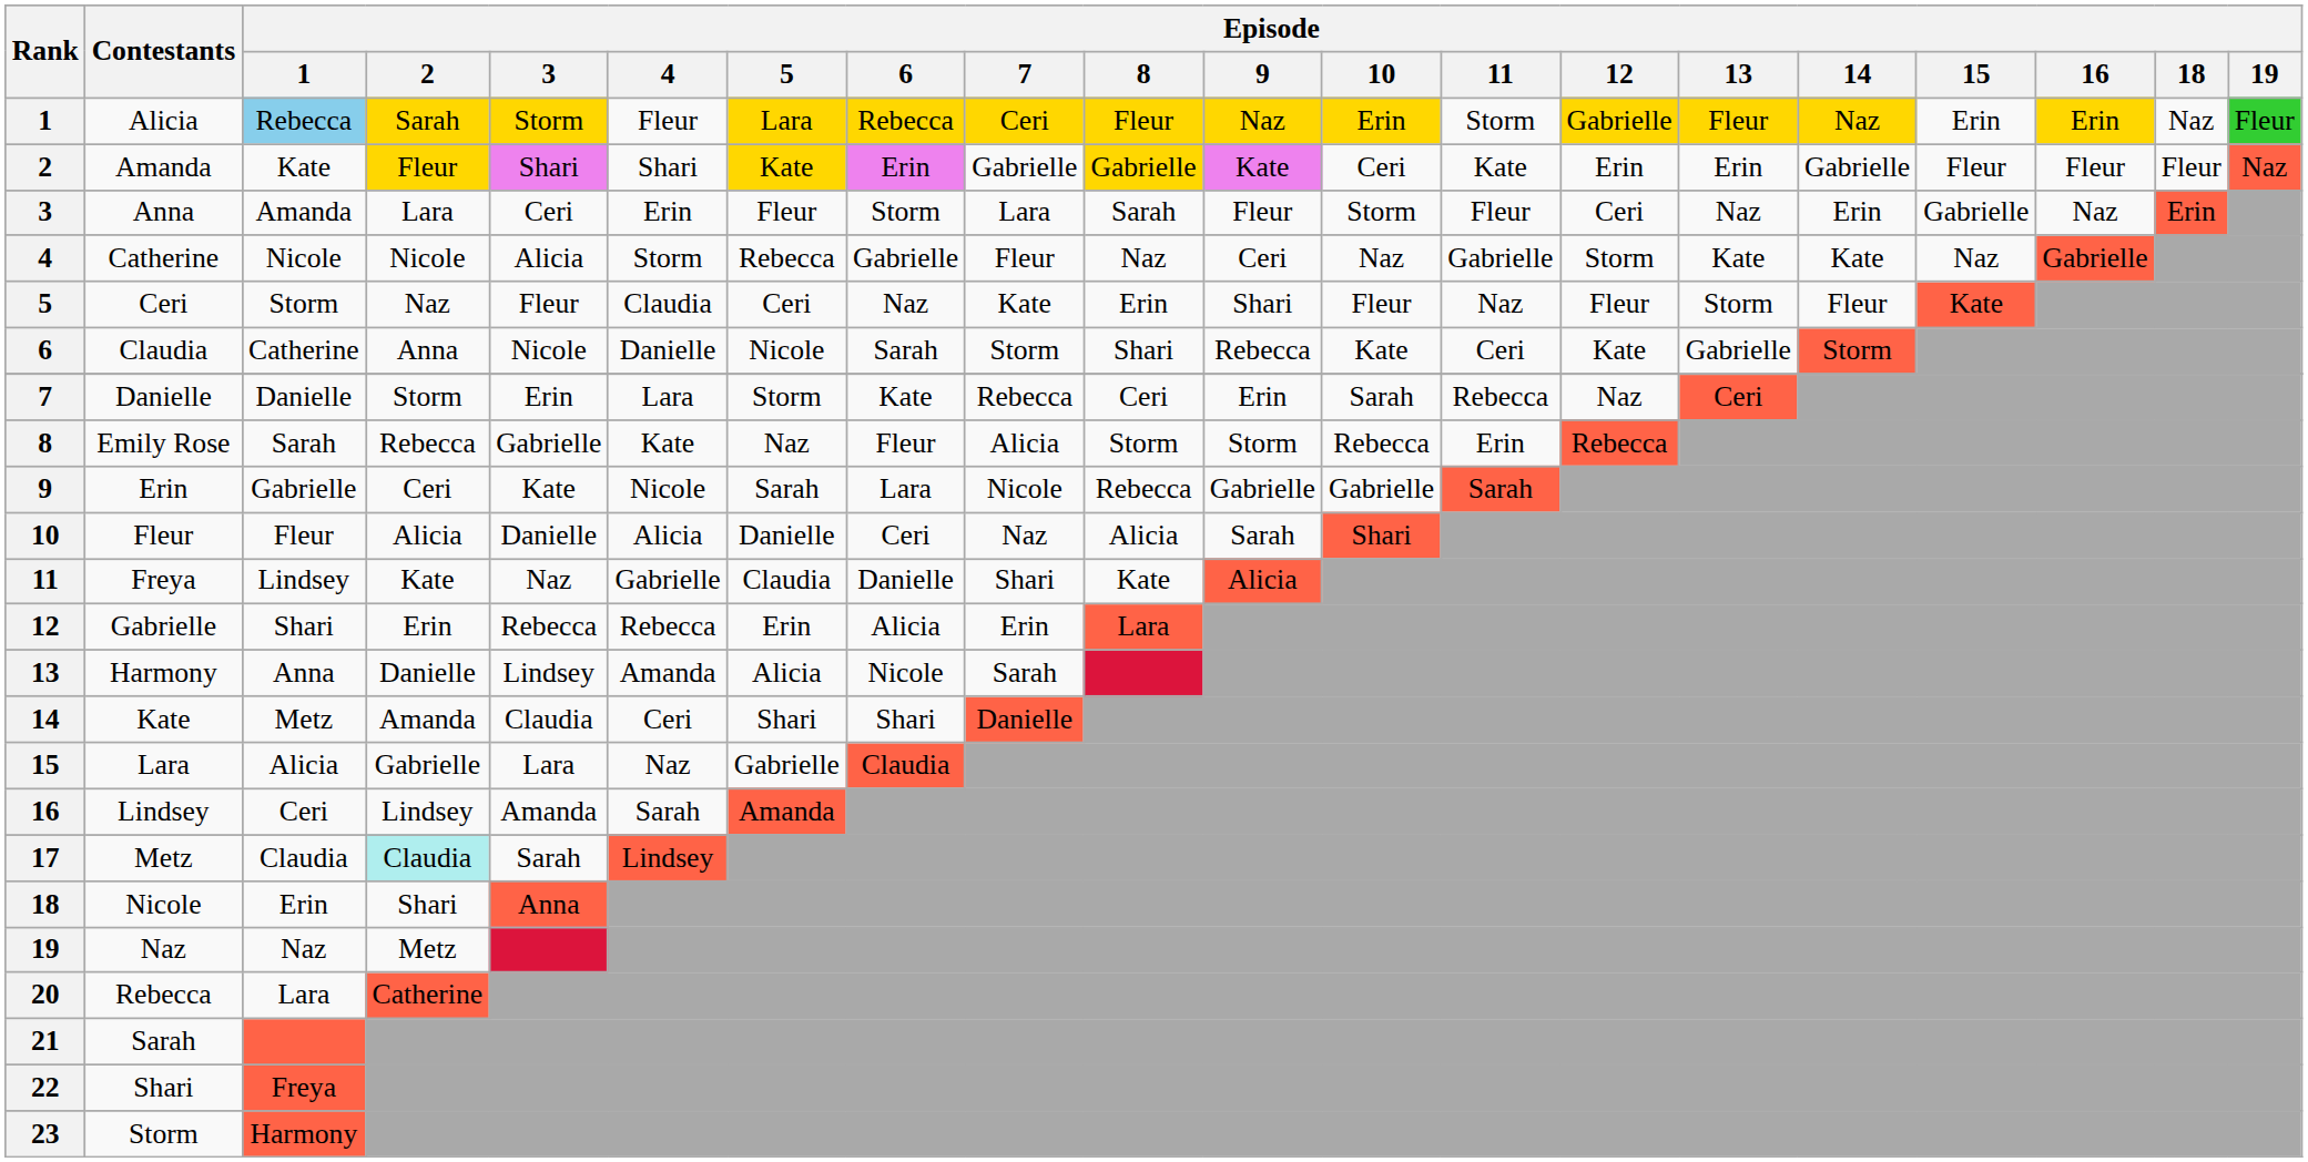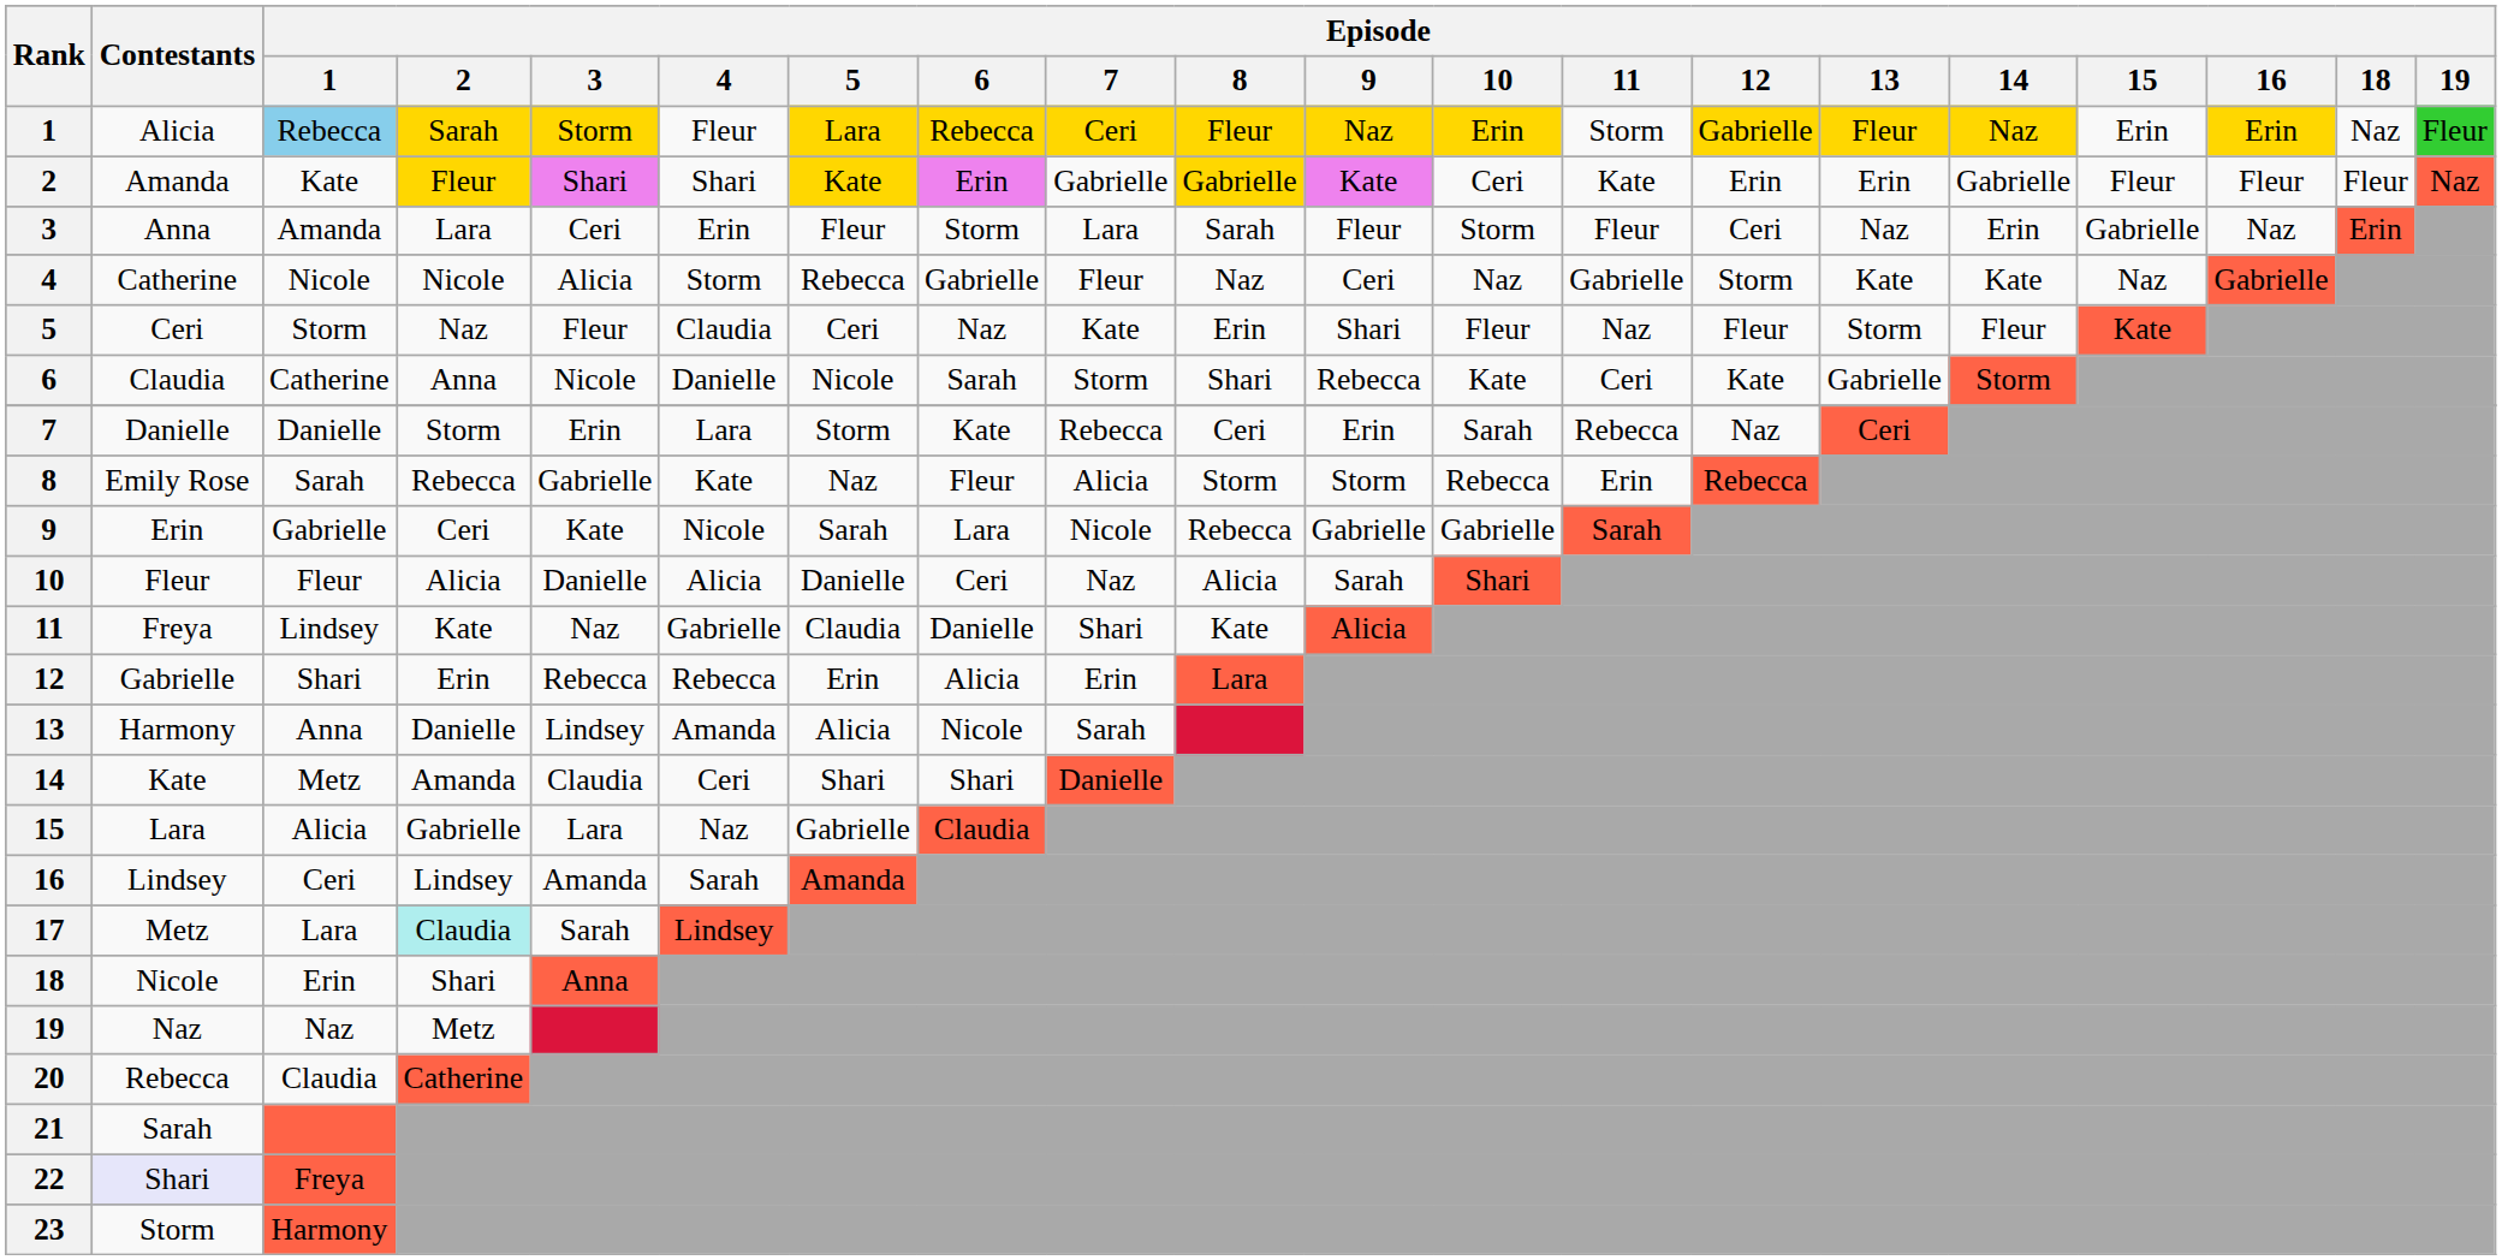 <table class="wikitable" style="text-align:center; font-size:92%">
 <tr>
 <th rowspan="2">Rank</th>
 <th rowspan="2">Contestants</th>
 <th colspan="18">Episode</th>
 </tr>
 <tr>
 <th>1</th>
 <th>2</th>
 <th>3</th>
 <th>4</th>
 <th>5</th>
 <th>6</th>
 <th>7</th>
 <th>8</th>
 <th>9</th>
 <th>10</th>
 <th>11</th>
 <th>12</th>
 <th>13</th>
 <th>14</th>
 <th>15</th>
 <th>16</th>
 <th>18</th>
 <th>19</th>
 </tr>
 <tr>
 <th>1</th>
 <td>Alicia</td>
 <td bgcolor="skyblue">Rebecca</td>
 <td bgcolor="gold">Sarah</td>
 <td bgcolor="gold">Storm</td>
 <td>Fleur</td>
 <td bgcolor="gold">Lara</td>
 <td bgcolor="gold">Rebecca</td>
 <td bgcolor="gold">Ceri</td>
 <td bgcolor="gold">Fleur</td>
 <td bgcolor="gold">Naz</td>
 <td bgcolor="gold">Erin</td>
 <td>Storm</td>
 <td bgcolor="gold">Gabrielle</td>
 <td bgcolor="gold">Fleur</td>
 <td bgcolor="gold">Naz</td>
 <td>Erin</td>
 <td bgcolor="gold">Erin</td>
 <td>Naz</td>
 <td bgcolor="limegreen">Fleur</td>
 </tr>
 <tr>
 <th>2</th>
 <td>Amanda</td>
 <td>Kate</td>
 <td bgcolor="gold">Fleur</td>
 <td bgcolor="violet">Shari</td>
 <td>Shari</td>
 <td bgcolor="gold">Kate</td>
 <td bgcolor="violet">Erin</td>
 <td>Gabrielle</td>
 <td bgcolor="gold">Gabrielle</td>
 <td bgcolor="violet">Kate</td>
 <td>Ceri</td>
 <td>Kate</td>
 <td>Erin</td>
 <td>Erin</td>
 <td>Gabrielle</td>
 <td>Fleur</td>
 <td>Fleur</td>
 <td>Fleur</td>
 <td bgcolor="tomato">Naz</td>
 </tr>
 <tr>
 <th>3</th>
 <td>Anna</td>
 <td>Amanda</td>
 <td>Lara</td>
 <td>Ceri</td>
 <td>Erin</td>
 <td>Fleur</td>
 <td>Storm</td>
 <td>Lara</td>
 <td>Sarah</td>
 <td>Fleur</td>
 <td>Storm</td>
 <td>Fleur</td>
 <td>Ceri</td>
 <td>Naz</td>
 <td>Erin</td>
 <td>Gabrielle</td>
 <td>Naz</td>
 <td bgcolor="tomato">Erin</td>
 <td bgcolor="darkgray"></td>
 </tr>
 <tr>
 <th>4</th>
 <td>Catherine</td>
 <td>Nicole</td>
 <td>Nicole</td>
 <td>Alicia</td>
 <td>Storm</td>
 <td>Rebecca</td>
 <td>Gabrielle</td>
 <td>Fleur</td>
 <td>Naz</td>
 <td>Ceri</td>
 <td>Naz</td>
 <td>Gabrielle</td>
 <td>Storm</td>
 <td>Kate</td>
 <td>Kate</td>
 <td>Naz</td>
 <td bgcolor="tomato">Gabrielle</td>
 <td bgcolor="darkgray" colspan="3"></td>
 </tr>
 <tr>
 <th>5</th>
 <td>Ceri</td>
 <td>Storm</td>
 <td>Naz</td>
 <td>Fleur</td>
 <td>Claudia</td>
 <td>Ceri</td>
 <td>Naz</td>
 <td>Kate</td>
 <td>Erin</td>
 <td>Shari</td>
 <td>Fleur</td>
 <td>Naz</td>
 <td>Fleur</td>
 <td>Storm</td>
 <td>Fleur</td>
 <td bgcolor="tomato">Kate</td>
 <td bgcolor="darkgray" colspan="4"></td>
 </tr>
 <tr>
 <th>6</th>
 <td>Claudia</td>
 <td>Catherine</td>
 <td>Anna</td>
 <td>Nicole</td>
 <td>Danielle</td>
 <td>Nicole</td>
 <td>Sarah</td>
 <td>Storm</td>
 <td>Shari</td>
 <td>Rebecca</td>
 <td>Kate</td>
 <td>Ceri</td>
 <td>Kate</td>
 <td>Gabrielle</td>
 <td bgcolor="tomato">Storm</td>
 <td bgcolor="darkgray" colspan="5"></td>
 </tr>
 <tr>
 </tr>
 <tr>
 <th>7</th>
 <td>Danielle</td>
 <td>Danielle</td>
 <td>Storm</td>
 <td>Erin</td>
 <td>Lara</td>
 <td>Storm</td>
 <td>Kate</td>
 <td>Rebecca</td>
 <td>Ceri</td>
 <td>Erin</td>
 <td>Sarah</td>
 <td>Rebecca</td>
 <td>Naz</td>
 <td bgcolor="tomato">Ceri</td>
 <td bgcolor="darkgray" colspan="6"></td>
 </tr>
 <tr>
 <th>8</th>
 <td>Emily Rose</td>
 <td>Sarah</td>
 <td>Rebecca</td>
 <td>Gabrielle</td>
 <td>Kate</td>
 <td>Naz</td>
 <td>Fleur</td>
 <td>Alicia</td>
 <td>Storm</td>
 <td>Storm</td>
 <td>Rebecca</td>
 <td>Erin</td>
 <td bgcolor="tomato">Rebecca</td>
 <td colspan="6" bgcolor="darkgray"></td>
 </tr>
 <tr>
 <th>9</th>
 <td>Erin</td>
 <td>Gabrielle</td>
 <td>Ceri</td>
 <td>Kate</td>
 <td>Nicole</td>
 <td>Sarah</td>
 <td>Lara</td>
 <td>Nicole</td>
 <td>Rebecca</td>
 <td>Gabrielle</td>
 <td>Gabrielle</td>
 <td bgcolor="tomato">Sarah</td>
 <td colspan="7" bgcolor="darkgray"></td>
 </tr>
 <tr>
 <th>10</th>
 <td>Fleur</td>
 <td>Fleur</td>
 <td>Alicia</td>
 <td>Danielle</td>
 <td>Alicia</td>
 <td>Danielle</td>
 <td>Ceri</td>
 <td>Naz</td>
 <td>Alicia</td>
 <td>Sarah</td>
 <td bgcolor="tomato">Shari</td>
 <td colspan="8" bgcolor="darkgray"></td>
 </tr>
 <tr>
 <th>11</th>
 <td>Freya</td>
 <td>Lindsey</td>
 <td>Kate</td>
 <td>Naz</td>
 <td>Gabrielle</td>
 <td>Claudia</td>
 <td>Danielle</td>
 <td>Shari</td>
 <td>Kate</td>
 <td bgcolor="tomato">Alicia</td>
 <td colspan="9" bgcolor="darkgray"></td>
 </tr>
 <tr>
 <th>12</th>
 <td>Gabrielle</td>
 <td>Shari</td>
 <td>Erin</td>
 <td>Rebecca</td>
 <td>Rebecca</td>
 <td>Erin</td>
 <td>Alicia</td>
 <td>Erin</td>
 <td bgcolor="tomato">Lara</td>
 <td colspan="10" bgcolor="darkgray"></td>
 </tr>
 <tr>
 <th>13</th>
 <td>Harmony</td>
 <td>Anna</td>
 <td>Danielle</td>
 <td>Lindsey</td>
 <td>Amanda</td>
 <td>Alicia</td>
 <td>Nicole</td>
 <td>Sarah</td>
 <td bgcolor="crimson"></td>
 <td colspan="10" bgcolor="darkgray"></td>
 </tr>
 <tr>
 <th>14</th>
 <td>Kate</td>
 <td>Metz</td>
 <td>Amanda</td>
 <td>Claudia</td>
 <td>Ceri</td>
 <td>Shari</td>
 <td>Shari</td>
 <td bgcolor="tomato">Danielle</td>
 <td colspan="11" bgcolor="darkgray"></td>
 </tr>
 <tr>
 <th>15</th>
 <td>Lara</td>
 <td>Alicia</td>
 <td>Gabrielle</td>
 <td>Lara</td>
 <td>Naz</td>
 <td>Gabrielle</td>
 <td bgcolor="tomato">Claudia</td>
 <td colspan="12" bgcolor="darkgray"></td>
 </tr>
 <tr>
 <th>16</th>
 <td>Lindsey</td>
 <td>Ceri</td>
 <td>Lindsey</td>
 <td>Amanda</td>
 <td>Sarah</td>
 <td bgcolor="tomato">Amanda</td>
 <td colspan="13" bgcolor="darkgray"></td>
 </tr>
 <tr>
 <th>17</th>
 <td>Metz</td>
-<td>Claudia</td>
+<td>Lara</td>
 <td style="background: paleturquoise;">Claudia</td>
 <td>Sarah</td>
 <td bgcolor="tomato">Lindsey</td>
 <td colspan="14" bgcolor="darkgray"></td>
 </tr>
 <tr>
 <th>18</th>
 <td>Nicole</td>
 <td>Erin</td>
 <td>Shari</td>
 <td bgcolor="tomato">Anna</td>
 <td colspan="15" bgcolor="darkgray"></td>
 </tr>
 <tr>
 <th>19</th>
 <td>Naz</td>
 <td>Naz</td>
 <td>Metz</td>
 <td bgcolor="crimson"></td>
 <td colspan="15" bgcolor="darkgray"></td>
 </tr>
 <tr>
 <th>20</th>
 <td>Rebecca</td>
-<td>Lara</td>
+<td>Claudia</td>
 <td bgcolor="tomato">Catherine</td>
 <td colspan="16" bgcolor="darkgray"></td>
 </tr>
 <tr>
 <th>21</th>
 <td>Sarah</td>
 <td bgcolor="tomato"></td>
 <td colspan="17" bgcolor="darkgray"></td>
 </tr>
 <tr>
 <th>22</th>
-<td>Shari</td>
+<td style="background: lavender;">Shari</td>
 <td bgcolor="tomato">Freya</td>
 <td colspan="17" bgcolor="darkgray"></td>
 </tr>
 <tr>
 <th>23</th>
 <td>Storm</td>
 <td bgcolor="tomato">Harmony</td>
 <td colspan="17" bgcolor="darkgray"></td>
 </tr>
 <tr>
 </tr>
 </table>
